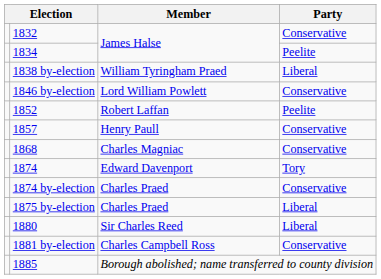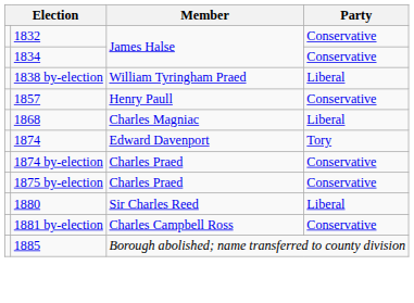 <table class="wikitable">
 <tr>
 <th colspan="2">Election</th>
 <th>Member</th>
 <th>Party</th>
 </tr>
 <tr>
 <td style="color:inherit;background-color: "></td>
 <td><a href='#'>1832</a></td>
 <td rowspan="2"><a href='#'>James Halse</a></td>
 <td><a href='#'>Conservative</a></td>
 </tr>
 <tr>
 <td style="color:inherit;background-color: "></td>
 <td><a href='#'>1834</a></td>
-<td><a href='#'>Peelite</a></td>
+<td><a href='#'>Conservative</a></td>
 </tr>
 <tr>
 <td style="color:inherit;background-color: "></td>
 <td><a href='#'>1838 by-election</a></td>
 <td><a href='#'>William Tyringham Praed</a></td>
 <td><a href='#'>Liberal</a></td>
-</tr>
-<tr>
-<td style="color:inherit;background-color: "></td>
-<td><a href='#'>1846 by-election</a></td>
-<td><a href='#'>Lord William Powlett</a></td>
-<td><a href='#'>Conservative</a></td>
-</tr>
-<tr>
-<td style="color:inherit;background-color: "></td>
-<td><a href='#'>1852</a></td>
-<td><a href='#'>Robert Laffan</a></td>
-<td><a href='#'>Peelite</a></td>
 </tr>
 <tr>
 <td style="color:inherit;background-color: "></td>
 <td><a href='#'>1857</a></td>
 <td><a href='#'>Henry Paull</a></td>
 <td><a href='#'>Conservative</a></td>
 </tr>
 <tr>
 <td style="color:inherit;background-color: "></td>
 <td><a href='#'>1868</a></td>
 <td><a href='#'>Charles Magniac</a></td>
-<td><a href='#'>Conservative</a></td>
+<td><a href='#'>Liberal</a></td>
 </tr>
 <tr>
 <td style="color:inherit;background-color: "></td>
 <td><a href='#'>1874</a></td>
 <td><a href='#'>Edward Davenport</a></td>
 <td><a href='#'>Tory</a></td>
 </tr>
 <tr>
 <td style="color:inherit;background-color: "></td>
 <td><a href='#'>1874 by-election</a></td>
 <td><a href='#'>Charles Praed</a></td>
 <td><a href='#'>Conservative</a></td>
 </tr>
 <tr>
 <td style="color:inherit;background-color: "></td>
 <td><a href='#'>1875 by-election</a></td>
 <td><a href='#'>Charles Praed</a></td>
-<td><a href='#'>Liberal</a></td>
+<td><a href='#'>Conservative</a></td>
 </tr>
 <tr>
 <td style="color:inherit;background-color: "></td>
 <td><a href='#'>1880</a></td>
 <td><a href='#'>Sir Charles Reed</a></td>
 <td><a href='#'>Liberal</a></td>
 </tr>
 <tr>
 <td style="color:inherit;background-color: "></td>
 <td><a href='#'>1881 by-election</a></td>
 <td><a href='#'>Charles Campbell Ross</a></td>
 <td><a href='#'>Conservative</a></td>
 </tr>
 <tr>
 <td></td>
 <td><a href='#'>1885</a></td>
 <td colspan="2"><em>Borough abolished; name transferred to county division</em></td>
 </tr>
 </table>
